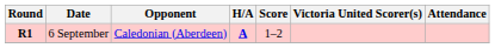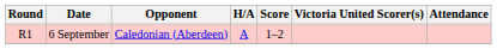 <table class="wikitable" style="text-align:center">
 <tr>
 <th>Round</th>
 <th>Date</th>
 <th>Opponent</th>
 <th>H/A</th>
 <th>Score</th>
 <th>Victoria United Scorer(s)</th>
 <th>Attendance</th>
 </tr>
 <tr bgcolor=#FFCCCC>
-<td><strong>R1</strong></td>
+<td>R1</td>
 <td align=left>6 September</td>
 <td align=left><a href='#'>Caledonian (Aberdeen)</a></td>
-<td><strong><a href='#'>A</a></strong></td>
+<td><a href='#'>A</a></td>
 <td>1–2</td>
 <td align=left></td>
 <td></td>
 </tr>
 <tr>
 </tr>
 </table>
